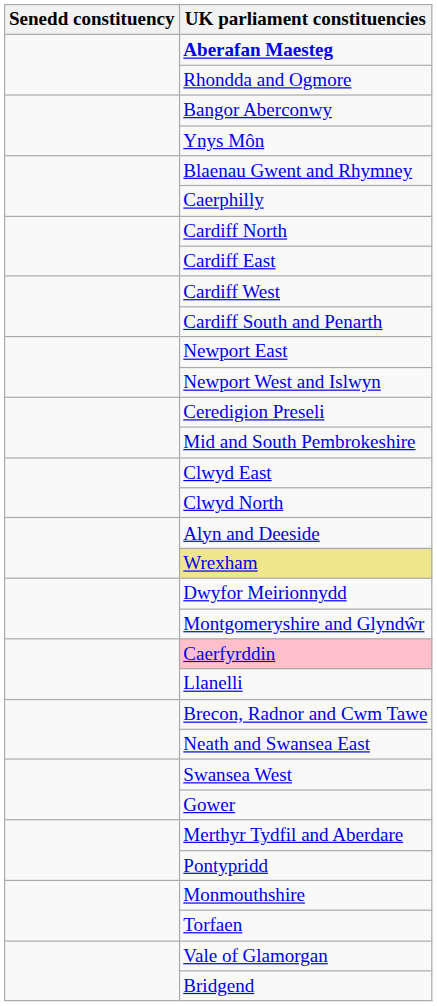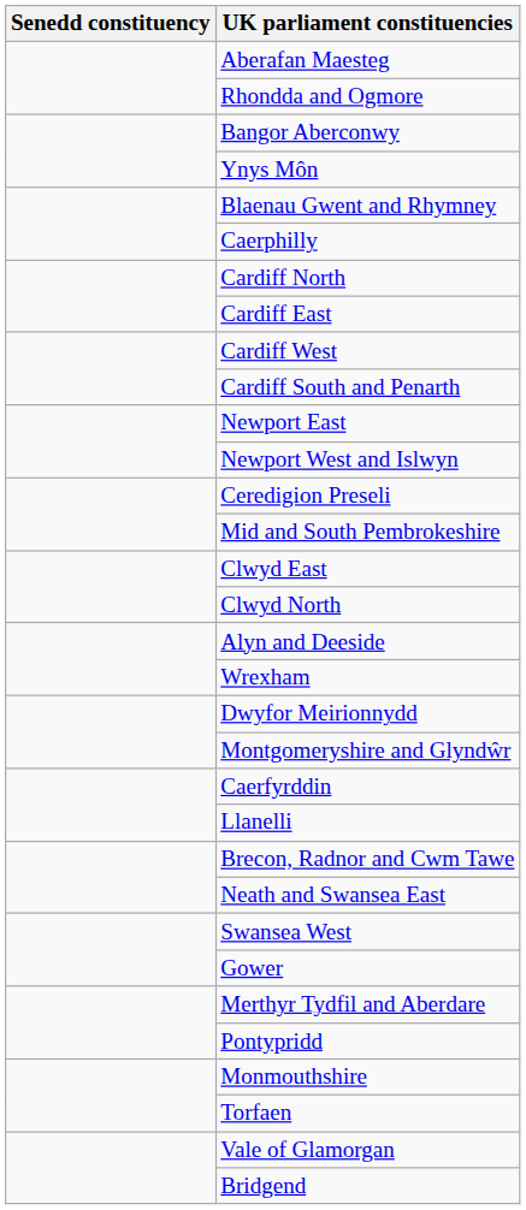 <table class="wikitable sortable">
 <tr>
 <th>Senedd constituency</th>
 <th>UK parliament constituencies</th>
 </tr>
 <tr>
 <td rowspan="2"></td>
-<td><strong><a href='#'>Aberafan Maesteg</a></strong></td>
+<td><a href='#'>Aberafan Maesteg</a></td>
 </tr>
 <tr>
 <td><a href='#'>Rhondda and Ogmore</a> <br></td>
 </tr>
 <tr>
 <td rowspan="2"></td>
 <td><a href='#'>Bangor Aberconwy</a></td>
 </tr>
 <tr>
 <td><a href='#'>Ynys Môn</a></td>
 </tr>
 <tr>
 <td rowspan="2"></td>
 <td><a href='#'>Blaenau Gwent and Rhymney</a> <br></td>
 </tr>
 <tr>
 <td><a href='#'>Caerphilly</a> <br></td>
 </tr>
 <tr>
 <td rowspan="2"></td>
 <td><a href='#'>Cardiff North</a> <br></td>
 </tr>
 <tr>
 <td><a href='#'>Cardiff East</a><br></td>
 </tr>
 <tr>
 <td rowspan="2"></td>
 <td><a href='#'>Cardiff West</a><br></td>
 </tr>
 <tr>
 <td><a href='#'>Cardiff South and Penarth</a> <br></td>
 </tr>
 <tr>
 <td rowspan="2"></td>
 <td><a href='#'>Newport East</a> <br></td>
 </tr>
 <tr>
 <td><a href='#'>Newport West and Islwyn</a> <br></td>
 </tr>
 <tr>
 <td rowspan="2"></td>
 <td><a href='#'>Ceredigion Preseli</a></td>
 </tr>
 <tr>
 <td><a href='#'>Mid and South Pembrokeshire</a> <br></td>
 </tr>
 <tr>
 <td rowspan="2"></td>
 <td><a href='#'>Clwyd East</a></td>
 </tr>
 <tr>
 <td><a href='#'>Clwyd North</a></td>
 </tr>
 <tr>
 <td rowspan="2"></td>
 <td><a href='#'>Alyn and Deeside</a></td>
 </tr>
 <tr>
-<td style="background: khaki;"><a href='#'>Wrexham</a> <br></td>
+<td><a href='#'>Wrexham</a> <br></td>
 </tr>
 <tr>
 <td rowspan="2"></td>
 <td><a href='#'>Dwyfor Meirionnydd</a></td>
 </tr>
 <tr>
 <td><a href='#'>Montgomeryshire and Glyndŵr</a> <br></td>
 </tr>
 <tr>
 <td rowspan="2"></td>
-<td style="background: pink;"><a href='#'>Caerfyrddin</a></td>
+<td><a href='#'>Caerfyrddin</a></td>
 </tr>
 <tr>
 <td><a href='#'>Llanelli</a></td>
 </tr>
 <tr>
 <td rowspan="2"></td>
 <td><a href='#'>Brecon, Radnor and Cwm Tawe</a></td>
 </tr>
 <tr>
 <td><a href='#'>Neath and Swansea East</a> <br></td>
 </tr>
 <tr>
 <td rowspan="2"></td>
 <td><a href='#'>Swansea West</a> <br></td>
 </tr>
 <tr>
 <td><a href='#'>Gower</a> <br></td>
 </tr>
 <tr>
 <td rowspan="2"></td>
 <td><a href='#'>Merthyr Tydfil and Aberdare</a></td>
 </tr>
 <tr>
 <td><a href='#'>Pontypridd</a></td>
 </tr>
 <tr>
 <td rowspan="2"></td>
 <td><a href='#'>Monmouthshire</a> <br></td>
 </tr>
 <tr>
 <td><a href='#'>Torfaen</a></td>
 </tr>
 <tr>
 <td rowspan="2"></td>
 <td><a href='#'>Vale of Glamorgan</a> <br></td>
 </tr>
 <tr>
 <td><a href='#'>Bridgend</a> <br></td>
 </tr>
 </table>
